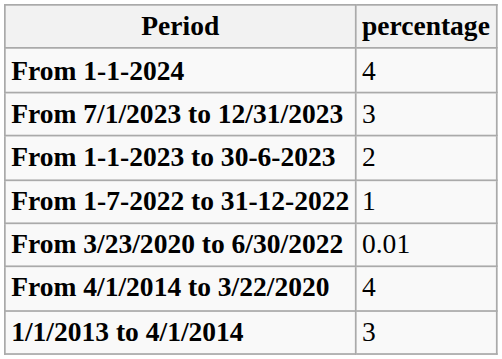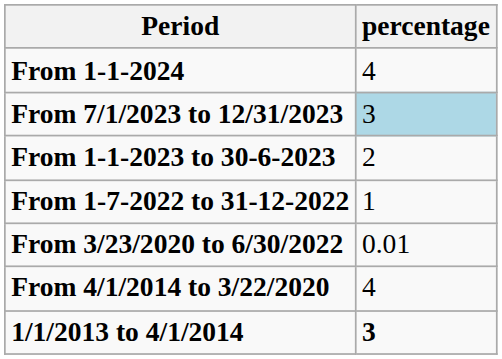 <table class="wikitable">
 <tr>
 <th>Period</th>
 <th>percentage</th>
 </tr>
 <tr>
 <td><strong>From 1-1-2024</strong></td>
 <td>4</td>
 </tr>
 <tr>
 <td><strong>From 7/1/2023 to 12/31/2023</strong></td>
-<td>3</td>
+<td style="background: lightblue;">3</td>
 </tr>
 <tr>
 <td><strong>From 1-1-2023 to 30-6-2023</strong></td>
 <td>2</td>
 </tr>
 <tr>
 <td><strong>From 1-7-2022 to 31-12-2022</strong></td>
 <td>1</td>
 </tr>
 <tr>
 <td><strong>From 3/23/2020 to 6/30/2022</strong></td>
 <td>0.01</td>
 </tr>
 <tr>
 <td><strong>From 4/1/2014 to 3/22/2020</strong></td>
 <td>4</td>
 </tr>
 <tr>
 <td><strong>1/1/2013 to 4/1/2014</strong></td>
-<td>3</td>
+<td><strong>3</strong></td>
 </tr>
 </table>
